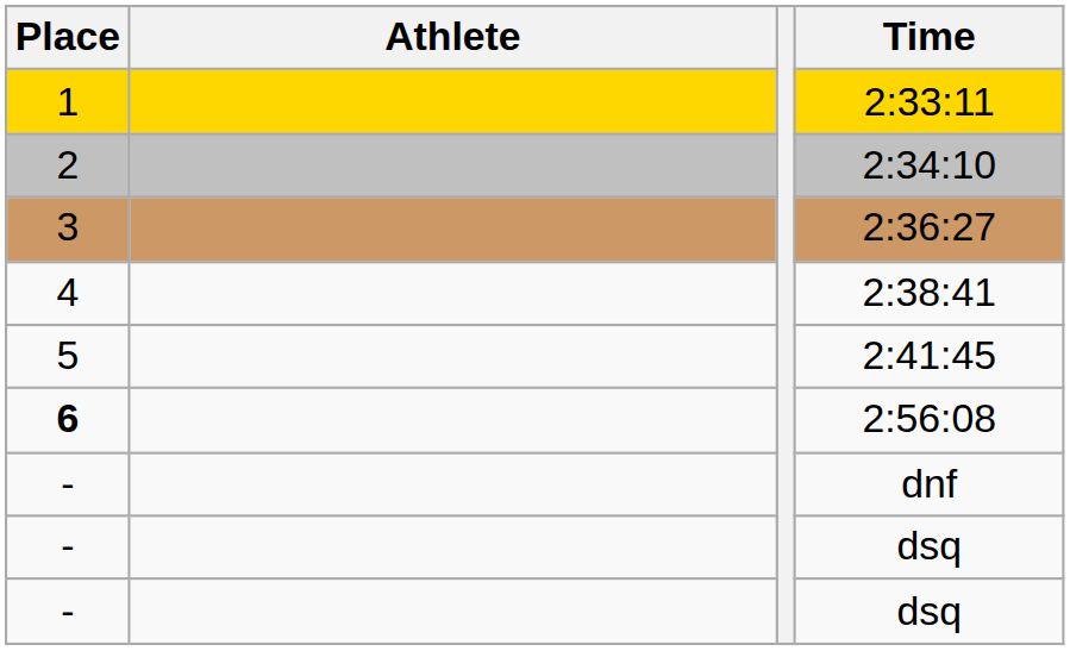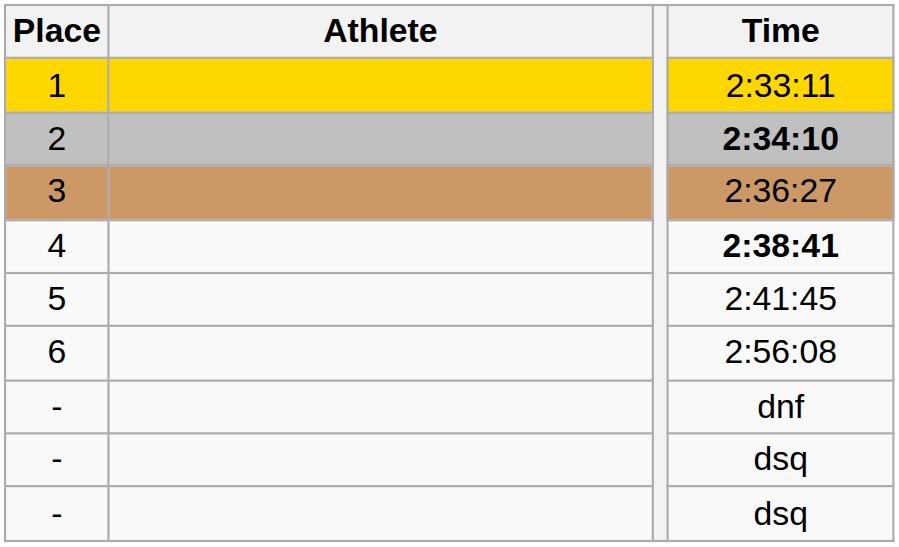 <table class="wikitable" style="text-align:center">
 <tr>
 <th>Place</th>
 <th width=250>Athlete</th>
 <th rowspan=27></th>
 <th width=100>Time</th>
 </tr>
 <tr bgcolor=gold>
 <td>1</td>
 <td align=left></td>
 <td>2:33:11</td>
 </tr>
 <tr bgcolor=silver>
 <td>2</td>
 <td align=left></td>
-<td>2:34:10</td>
+<td><strong>2:34:10</strong></td>
 </tr>
 <tr bgcolor=cc9966>
 <td>3</td>
 <td align=left></td>
 <td>2:36:27</td>
 </tr>
 <tr>
 <td>4</td>
 <td align=left></td>
-<td>2:38:41</td>
+<td><strong>2:38:41</strong></td>
 </tr>
 <tr>
 <td>5</td>
 <td align=left></td>
 <td>2:41:45</td>
 </tr>
 <tr>
-<td><strong>6</strong></td>
+<td>6</td>
 <td align=left></td>
 <td>2:56:08</td>
 </tr>
 <tr>
 <td>-</td>
 <td align=left></td>
 <td>dnf</td>
 </tr>
 <tr>
 <td>-</td>
 <td align=left></td>
 <td>dsq</td>
 </tr>
 <tr>
 <td>-</td>
 <td align=left></td>
 <td>dsq</td>
 </tr>
 </table>
